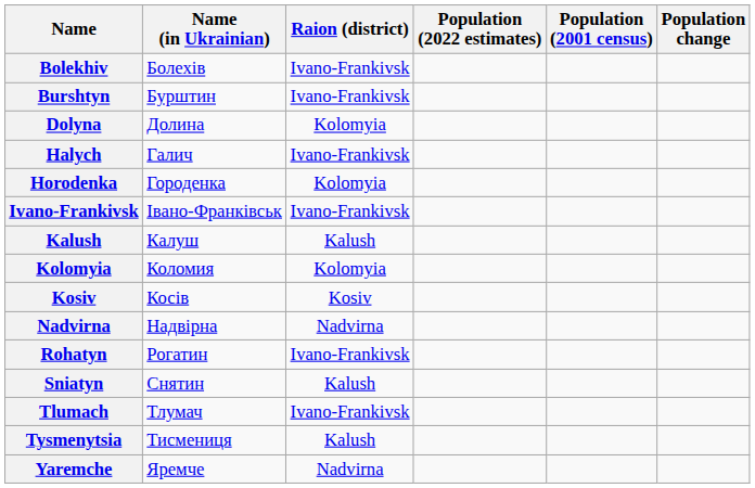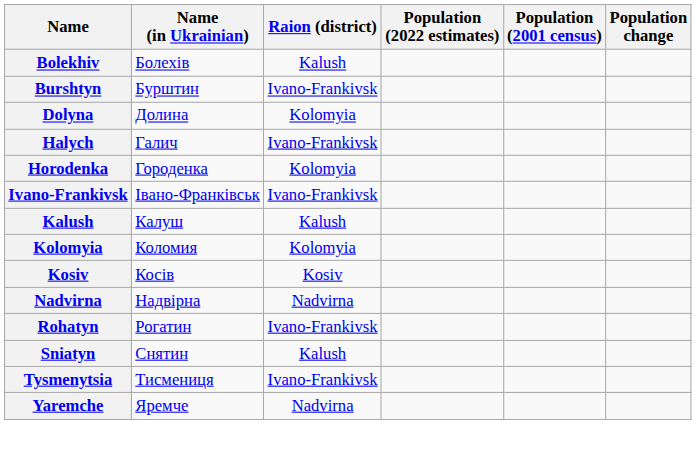 <table class="wikitable sortable" id="Table of cities" caption="Tabulated list of cities in ">
 <tr>
 <th scope="col">Name</th>
 <th scope="col">Name<br>(in <a href='#'>Ukrainian</a>)</th>
 <th scope="col"><a href='#'>Raion</a> (district)</th>
 <th scope="col">Population<br>(2022 estimates)</th>
 <th scope="col">Population<br>(<a href='#'>2001 census</a>)</th>
 <th scope="col">Population<br>change</th>
 </tr>
 <tr>
 <th scope="row" align="left"><a href='#'>Bolekhiv</a></th>
 <td><a href='#'>Болехів</a></td>
-<td align=center><a href='#'>Ivano-Frankivsk</a></td>
+<td align=center><a href='#'>Kalush</a></td>
 <td align=right></td>
 <td align=right></td>
 <td align=right></td>
 </tr>
 <tr>
 <th scope="row" align="left"><a href='#'>Burshtyn</a></th>
 <td><a href='#'>Бурштин</a></td>
 <td align=center><a href='#'>Ivano-Frankivsk</a></td>
 <td align=right></td>
 <td align=right></td>
 <td align=right></td>
 </tr>
 <tr>
 <th scope="row" align="left"><a href='#'>Dolyna</a></th>
 <td><a href='#'>Долина</a></td>
 <td align=center><a href='#'>Kolomyia</a></td>
 <td align=right></td>
 <td align=right></td>
 <td align=right></td>
 </tr>
 <tr>
 <th scope="row" align="left"><a href='#'>Halych</a></th>
 <td><a href='#'>Галич</a></td>
 <td align=center><a href='#'>Ivano-Frankivsk</a></td>
 <td align=right></td>
 <td align=right></td>
 <td align=right></td>
 </tr>
 <tr>
 <th scope="row" align="left"><a href='#'>Horodenka</a></th>
 <td><a href='#'>Городенка</a></td>
 <td align=center><a href='#'>Kolomyia</a></td>
 <td align=right></td>
 <td align=right></td>
 <td align=right></td>
 </tr>
 <tr>
 <th scope="row" align="left"><a href='#'>Ivano-Frankivsk</a></th>
 <td><a href='#'>Івано-Франківськ</a></td>
 <td align=center><a href='#'>Ivano-Frankivsk</a></td>
 <td align=right></td>
 <td align=right></td>
 <td align=right></td>
 </tr>
 <tr>
 <th scope="row" align="left"><a href='#'>Kalush</a></th>
 <td><a href='#'>Калуш</a></td>
 <td align=center><a href='#'>Kalush</a></td>
 <td align=right></td>
 <td align=right></td>
 <td align=right></td>
 </tr>
 <tr>
 <th scope="row" align="left"><a href='#'>Kolomyia</a></th>
 <td><a href='#'>Коломия</a></td>
 <td align=center><a href='#'>Kolomyia</a></td>
 <td align=right></td>
 <td align=right></td>
 <td align=right></td>
 </tr>
 <tr>
 <th scope="row" align="left"><a href='#'>Kosiv</a></th>
 <td><a href='#'>Косів</a></td>
 <td align=center><a href='#'>Kosiv</a></td>
 <td align=right></td>
 <td align=right></td>
 <td align=right></td>
 </tr>
 <tr>
 <th scope="row" align="left"><a href='#'>Nadvirna</a></th>
 <td><a href='#'>Надвірна</a></td>
 <td align=center><a href='#'>Nadvirna</a></td>
 <td align=right></td>
 <td align=right></td>
 <td align=right></td>
 </tr>
 <tr>
 <th scope="row" align="left"><a href='#'>Rohatyn</a></th>
 <td><a href='#'>Рогатин</a></td>
 <td align=center><a href='#'>Ivano-Frankivsk</a></td>
 <td align=right></td>
 <td align=right></td>
 <td align=right></td>
 </tr>
 <tr>
 <th scope="row" align="left"><a href='#'>Sniatyn</a></th>
 <td><a href='#'>Снятин</a></td>
 <td align=center><a href='#'>Kalush</a></td>
 <td align=right></td>
 <td align=right></td>
 <td align=right></td>
 </tr>
 <tr>
-<th scope="row" align="left"><a href='#'>Tlumach</a></th>
-<td><a href='#'>Тлумач</a></td>
-<td align=center><a href='#'>Ivano-Frankivsk</a></td>
-<td align=right></td>
-<td align=right></td>
-<td align=right></td>
-</tr>
-<tr>
 <th scope="row" align="left"><a href='#'>Tysmenytsia</a></th>
 <td><a href='#'>Тисмениця</a></td>
-<td align=center><a href='#'>Kalush</a></td>
+<td align=center><a href='#'>Ivano-Frankivsk</a></td>
 <td align=right></td>
 <td align=right></td>
 <td align=right></td>
 </tr>
 <tr>
 <th scope="row" align="left"><a href='#'>Yaremche</a></th>
 <td><a href='#'>Яремче</a></td>
 <td align=center><a href='#'>Nadvirna</a></td>
 <td align=right></td>
 <td align=right></td>
 <td align=right></td>
 </tr>
 </table>
